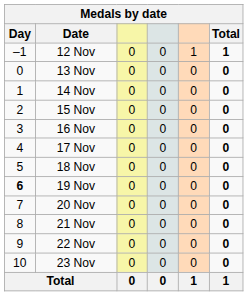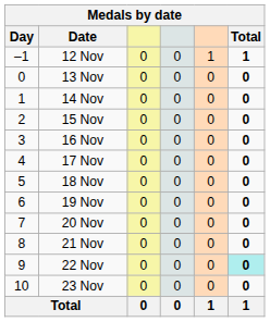 <table class="wikitable" style="font-size:90%; text-align:center;">
 <tr style="background:#efefef;">
 <th colspan=6><strong>Medals by date</strong></th>
 </tr>
 <tr>
 <th width=30><strong>Day</strong></th>
 <th width=90><strong>Date</strong></th>
 <th width=30 style="background:#F7F6A8;"></th>
 <th width=30 style="background:#DCE5E5;"></th>
 <th width=30 style="background:#FFDAB9;"></th>
 <th width=30><strong>Total</strong></th>
 </tr>
 <tr>
 <td>–1</td>
 <td>12 Nov</td>
 <td style="background:#F7F6A8;">0</td>
 <td style="background:#DCE5E5;">0</td>
 <td style="background:#FFDAB9;">1</td>
 <td><strong>1</strong></td>
 </tr>
 <tr>
 <td>0</td>
 <td>13 Nov</td>
 <td style="background:#F7F6A8;">0</td>
 <td style="background:#DCE5E5;">0</td>
 <td style="background:#FFDAB9;">0</td>
 <td><strong>0</strong></td>
 </tr>
 <tr>
 <td>1</td>
 <td>14 Nov</td>
 <td style="background:#F7F6A8;">0</td>
 <td style="background:#DCE5E5;">0</td>
 <td style="background:#FFDAB9;">0</td>
 <td><strong>0</strong></td>
 </tr>
 <tr>
 <td>2</td>
 <td>15 Nov</td>
 <td style="background:#F7F6A8;">0</td>
 <td style="background:#DCE5E5;">0</td>
 <td style="background:#FFDAB9;">0</td>
 <td><strong>0</strong></td>
 </tr>
 <tr>
 <td>3</td>
 <td>16 Nov</td>
 <td style="background:#F7F6A8;">0</td>
 <td style="background:#DCE5E5;">0</td>
 <td style="background:#FFDAB9;">0</td>
 <td><strong>0</strong></td>
 </tr>
 <tr>
 <td>4</td>
 <td>17 Nov</td>
 <td style="background:#F7F6A8;">0</td>
 <td style="background:#DCE5E5;">0</td>
 <td style="background:#FFDAB9;">0</td>
 <td><strong>0</strong></td>
 </tr>
 <tr>
 <td>5</td>
 <td>18 Nov</td>
 <td style="background:#F7F6A8;">0</td>
 <td style="background:#DCE5E5;">0</td>
 <td style="background:#FFDAB9;">0</td>
 <td><strong>0</strong></td>
 </tr>
 <tr>
-<td><strong>6</strong></td>
+<td>6</td>
 <td>19 Nov</td>
 <td style="background:#F7F6A8;">0</td>
 <td style="background:#DCE5E5;">0</td>
 <td style="background:#FFDAB9;">0</td>
 <td><strong>0</strong></td>
 </tr>
 <tr>
 <td>7</td>
 <td>20 Nov</td>
 <td style="background:#F7F6A8;">0</td>
 <td style="background:#DCE5E5;">0</td>
 <td style="background:#FFDAB9;">0</td>
 <td><strong>0</strong></td>
 </tr>
 <tr>
 <td>8</td>
 <td>21 Nov</td>
 <td style="background:#F7F6A8;">0</td>
 <td style="background:#DCE5E5;">0</td>
 <td style="background:#FFDAB9;">0</td>
 <td><strong>0</strong></td>
 </tr>
 <tr>
 <td>9</td>
 <td>22 Nov</td>
 <td style="background:#F7F6A8;">0</td>
 <td style="background:#DCE5E5;">0</td>
 <td style="background:#FFDAB9;">0</td>
-<td><strong>0</strong></td>
+<td style="background: paleturquoise;"><strong>0</strong></td>
 </tr>
 <tr>
 <td>10</td>
 <td>23 Nov</td>
 <td style="background:#F7F6A8;">0</td>
 <td style="background:#DCE5E5;">0</td>
 <td style="background:#FFDAB9;">0</td>
 <td><strong>0</strong></td>
 </tr>
 <tr>
 <th colspan="2"><strong>Total</strong></th>
 <th><strong>0</strong></th>
 <th><strong>0</strong></th>
 <th><strong>1</strong></th>
 <th><strong>1</strong></th>
 </tr>
 </table>
